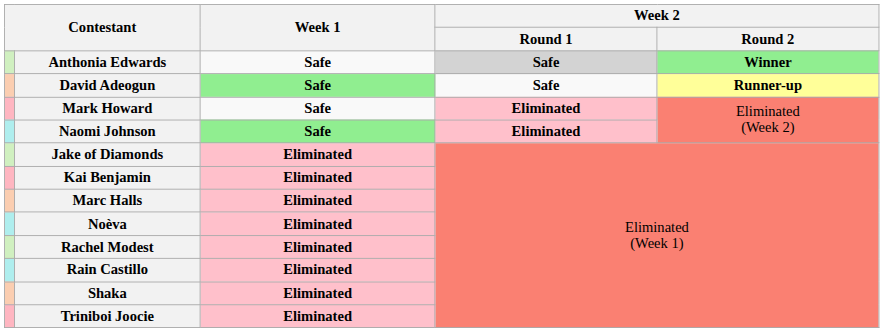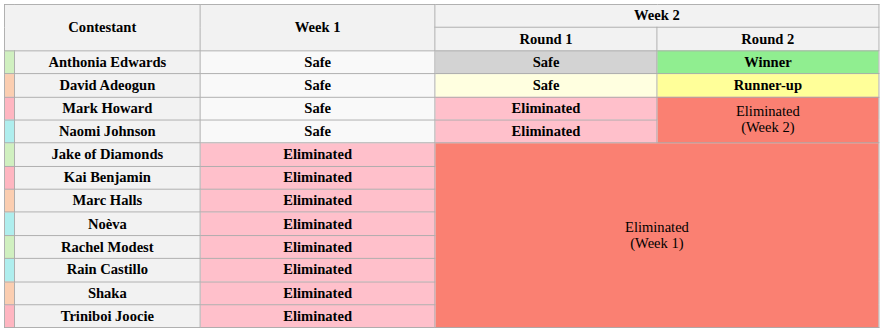 <table class="wikitable" style="text-align:center;">
 <tr>
 <th colspan="2" rowspan="2" style="width:15%;">Contestant</th>
 <th rowspan="2" scope="col" style="width:18%;">Week 1</th>
 <th colspan="2" scope="col" style="width:18%;">Week 2</th>
 </tr>
 <tr>
 <th scope="col" style="width:17%;">Round 1</th>
 <th scope="col" style="width:17%;">Round 2</th>
 </tr>
 <tr>
 <th style="background:#d0f0c0"></th>
 <th>Anthonia Edwards</th>
 <td><strong>Safe</strong></td>
 <td style="background: lightgrey;"><strong>Safe</strong></td>
 <td style="background:lightgreen"><strong>Winner</strong></td>
 </tr>
 <tr>
 <th style="background:#fbceb1"></th>
 <th>David Adeogun</th>
-<td style="background: lightgreen;"><strong>Safe</strong></td>
 <td><strong>Safe</strong></td>
+<td style="background: lightyellow;"><strong>Safe</strong></td>
 <td style="background:#ff9"><strong>Runner-up</strong></td>
 </tr>
 <tr>
 <th style="background: lightpink"></th>
 <th>Mark Howard</th>
 <td><strong>Safe</strong></td>
 <td style="background:pink"><strong>Eliminated</strong></td>
 <td colspan="2" rowspan="2" style="background:salmon;">Eliminated<br>(Week 2)</td>
 </tr>
 <tr>
 <th style="background:#afeeee"></th>
 <th>Naomi Johnson</th>
-<td style="background: lightgreen;"><strong>Safe</strong></td>
+<td><strong>Safe</strong></td>
 <td style="background:pink"><strong>Eliminated</strong></td>
 </tr>
 <tr>
 <th style="background:#d0f0c0"></th>
 <th>Jake of Diamonds</th>
 <td style="background:pink"><strong>Eliminated</strong></td>
 <td colspan="2" rowspan="8" style="background:salmon;">Eliminated<br>(Week 1)</td>
 </tr>
 <tr>
 <th style="background: lightpink"></th>
 <th>Kai Benjamin</th>
 <td style="background:pink"><strong>Eliminated</strong></td>
 </tr>
 <tr>
 <th style="background:#fbceb1"></th>
 <th>Marc Halls</th>
 <td style="background:pink"><strong>Eliminated</strong></td>
 </tr>
 <tr>
 <th style="background:#afeeee"></th>
 <th>Noèva</th>
 <td style="background:pink"><strong>Eliminated</strong></td>
 </tr>
 <tr>
 <th style="background:#d0f0c0"></th>
 <th>Rachel Modest</th>
 <td style="background:pink"><strong>Eliminated</strong></td>
 </tr>
 <tr>
 <th style="background:#afeeee"></th>
 <th>Rain Castillo</th>
 <td style="background:pink"><strong>Eliminated</strong></td>
 </tr>
 <tr>
 <th style="background:#fbceb1"></th>
 <th>Shaka</th>
 <td style="background:pink"><strong>Eliminated</strong></td>
 </tr>
 <tr>
 <th style="background: lightpink"></th>
 <th>Triniboi Joocie</th>
 <td style="background:pink"><strong>Eliminated</strong></td>
 </tr>
 </table>
